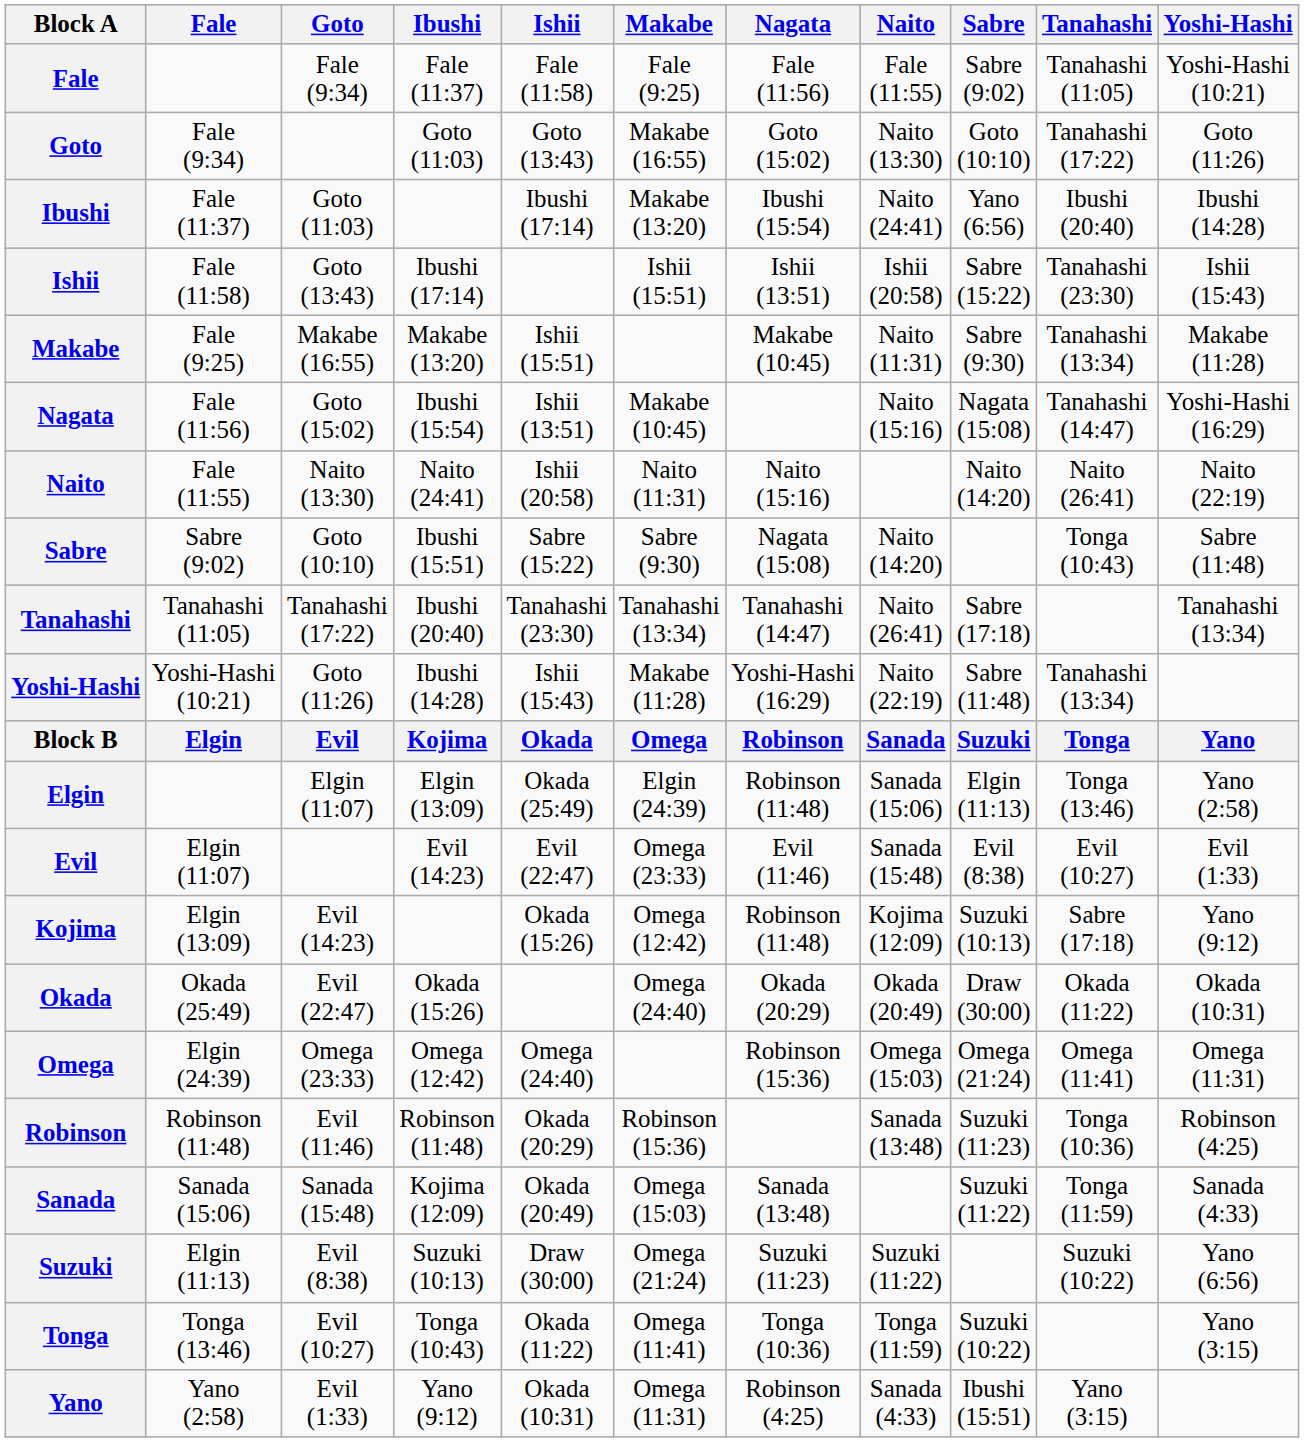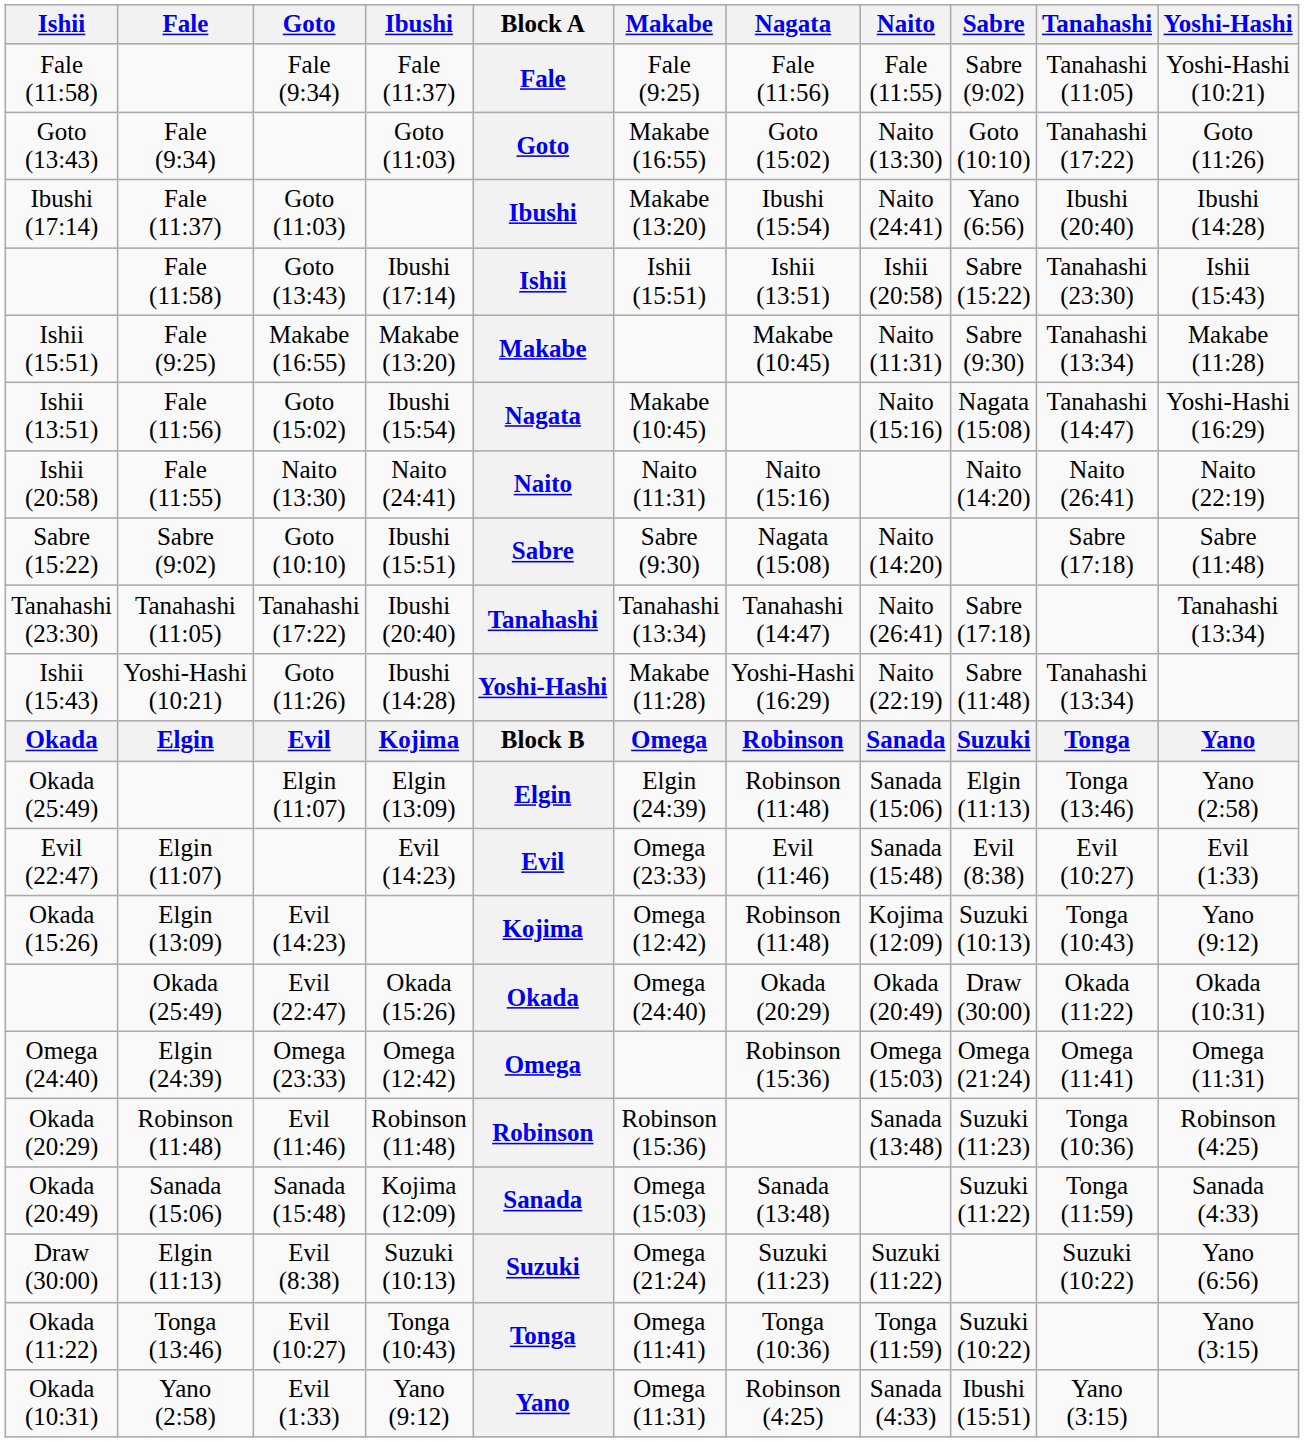 <table class="wikitable" align=center style="margin: 1em auto 1em auto">
 <tr align="center">
-<th>Block A</th>
+<th><a href='#'>Ishii</a></th>
 <th><a href='#'>Fale</a></th>
 <th><a href='#'>Goto</a></th>
 <th><a href='#'>Ibushi</a></th>
-<th><a href='#'>Ishii</a></th>
+<th>Block A</th>
 <th><a href='#'>Makabe</a></th>
 <th><a href='#'>Nagata</a></th>
 <th><a href='#'>Naito</a></th>
 <th><a href='#'>Sabre</a></th>
 <th><a href='#'>Tanahashi</a></th>
 <th><a href='#'>Yoshi-Hashi</a></th>
 </tr>
 <tr align="center">
-<th><a href='#'>Fale</a></th>
+<td>Fale<br>(11:58)</td>
 <td></td>
 <td>Fale<br>(9:34)</td>
 <td>Fale<br>(11:37)</td>
-<td>Fale<br>(11:58)</td>
+<th><a href='#'>Fale</a></th>
 <td>Fale<br>(9:25)</td>
 <td>Fale<br>(11:56)</td>
 <td>Fale<br>(11:55)</td>
 <td>Sabre<br>(9:02)</td>
 <td>Tanahashi<br>(11:05)</td>
 <td>Yoshi-Hashi<br>(10:21)</td>
 </tr>
 <tr align="center">
-<th><a href='#'>Goto</a></th>
+<td>Goto<br>(13:43)</td>
 <td>Fale<br>(9:34)</td>
 <td></td>
 <td>Goto<br>(11:03)</td>
-<td>Goto<br>(13:43)</td>
+<th><a href='#'>Goto</a></th>
 <td>Makabe<br>(16:55)</td>
 <td>Goto<br>(15:02)</td>
 <td>Naito<br>(13:30)</td>
 <td>Goto<br>(10:10)</td>
 <td>Tanahashi<br>(17:22)</td>
 <td>Goto<br>(11:26)</td>
 </tr>
 <tr align="center">
-<th><a href='#'>Ibushi</a></th>
+<td>Ibushi<br>(17:14)</td>
 <td>Fale<br>(11:37)</td>
 <td>Goto<br>(11:03)</td>
 <td></td>
-<td>Ibushi<br>(17:14)</td>
+<th><a href='#'>Ibushi</a></th>
 <td>Makabe<br>(13:20)</td>
 <td>Ibushi<br>(15:54)</td>
 <td>Naito<br>(24:41)</td>
 <td>Yano<br>(6:56)</td>
 <td>Ibushi<br>(20:40)</td>
 <td>Ibushi<br>(14:28)</td>
 </tr>
 <tr align="center">
-<th><a href='#'>Ishii</a></th>
+<td></td>
 <td>Fale<br>(11:58)</td>
 <td>Goto<br>(13:43)</td>
 <td>Ibushi<br>(17:14)</td>
-<td></td>
+<th><a href='#'>Ishii</a></th>
 <td>Ishii<br>(15:51)</td>
 <td>Ishii<br>(13:51)</td>
 <td>Ishii<br>(20:58)</td>
 <td>Sabre<br>(15:22)</td>
 <td>Tanahashi<br>(23:30)</td>
 <td>Ishii<br>(15:43)</td>
 </tr>
 <tr align="center">
-<th><a href='#'>Makabe</a></th>
+<td>Ishii<br>(15:51)</td>
 <td>Fale<br>(9:25)</td>
 <td>Makabe<br>(16:55)</td>
 <td>Makabe<br>(13:20)</td>
-<td>Ishii<br>(15:51)</td>
+<th><a href='#'>Makabe</a></th>
 <td></td>
 <td>Makabe<br>(10:45)</td>
 <td>Naito<br>(11:31)</td>
 <td>Sabre<br>(9:30)</td>
 <td>Tanahashi<br>(13:34)</td>
 <td>Makabe<br>(11:28)</td>
 </tr>
 <tr align="center">
-<th><a href='#'>Nagata</a></th>
+<td>Ishii<br>(13:51)</td>
 <td>Fale<br>(11:56)</td>
 <td>Goto<br>(15:02)</td>
 <td>Ibushi<br>(15:54)</td>
-<td>Ishii<br>(13:51)</td>
+<th><a href='#'>Nagata</a></th>
 <td>Makabe<br>(10:45)</td>
 <td></td>
 <td>Naito<br>(15:16)</td>
 <td>Nagata<br>(15:08)</td>
 <td>Tanahashi<br>(14:47)</td>
 <td>Yoshi-Hashi<br>(16:29)</td>
 </tr>
 <tr align="center">
-<th><a href='#'>Naito</a></th>
+<td>Ishii<br>(20:58)</td>
 <td>Fale<br>(11:55)</td>
 <td>Naito<br>(13:30)</td>
 <td>Naito<br>(24:41)</td>
-<td>Ishii<br>(20:58)</td>
+<th><a href='#'>Naito</a></th>
 <td>Naito<br>(11:31)</td>
 <td>Naito<br>(15:16)</td>
 <td></td>
 <td>Naito<br>(14:20)</td>
 <td>Naito<br>(26:41)</td>
 <td>Naito<br>(22:19)</td>
 </tr>
 <tr align="center">
-<th><a href='#'>Sabre</a></th>
+<td>Sabre<br>(15:22)</td>
 <td>Sabre<br>(9:02)</td>
 <td>Goto<br>(10:10)</td>
 <td>Ibushi<br>(15:51)</td>
-<td>Sabre<br>(15:22)</td>
+<th><a href='#'>Sabre</a></th>
 <td>Sabre<br>(9:30)</td>
 <td>Nagata<br>(15:08)</td>
 <td>Naito<br>(14:20)</td>
 <td></td>
-<td>Tonga<br>(10:43)</td>
+<td>Sabre<br>(17:18)</td>
 <td>Sabre<br>(11:48)</td>
 </tr>
 <tr align="center">
-<th><a href='#'>Tanahashi</a></th>
+<td>Tanahashi<br>(23:30)</td>
 <td>Tanahashi<br>(11:05)</td>
 <td>Tanahashi<br>(17:22)</td>
 <td>Ibushi<br>(20:40)</td>
-<td>Tanahashi<br>(23:30)</td>
+<th><a href='#'>Tanahashi</a></th>
 <td>Tanahashi<br>(13:34)</td>
 <td>Tanahashi<br>(14:47)</td>
 <td>Naito<br>(26:41)</td>
 <td>Sabre<br>(17:18)</td>
 <td></td>
 <td>Tanahashi<br>(13:34)</td>
 </tr>
 <tr align="center">
-<th><a href='#'>Yoshi-Hashi</a></th>
+<td>Ishii<br>(15:43)</td>
 <td>Yoshi-Hashi<br>(10:21)</td>
 <td>Goto<br>(11:26)</td>
 <td>Ibushi<br>(14:28)</td>
-<td>Ishii<br>(15:43)</td>
+<th><a href='#'>Yoshi-Hashi</a></th>
 <td>Makabe<br>(11:28)</td>
 <td>Yoshi-Hashi<br>(16:29)</td>
 <td>Naito<br>(22:19)</td>
 <td>Sabre<br>(11:48)</td>
 <td>Tanahashi<br>(13:34)</td>
 <td></td>
 </tr>
 <tr align="center">
-<th>Block B</th>
+<th><a href='#'>Okada</a></th>
 <th><a href='#'>Elgin</a></th>
 <th><a href='#'>Evil</a></th>
 <th><a href='#'>Kojima</a></th>
-<th><a href='#'>Okada</a></th>
+<th>Block B</th>
 <th><a href='#'>Omega</a></th>
 <th><a href='#'>Robinson</a></th>
 <th><a href='#'>Sanada</a></th>
 <th><a href='#'>Suzuki</a></th>
 <th><a href='#'>Tonga</a></th>
 <th><a href='#'>Yano</a></th>
 </tr>
 <tr align="center">
-<th><a href='#'>Elgin</a></th>
+<td>Okada<br>(25:49)</td>
 <td></td>
 <td>Elgin<br>(11:07)</td>
 <td>Elgin<br>(13:09)</td>
-<td>Okada<br>(25:49)</td>
+<th><a href='#'>Elgin</a></th>
 <td>Elgin<br>(24:39)</td>
 <td>Robinson<br>(11:48)</td>
 <td>Sanada<br>(15:06)</td>
 <td>Elgin<br>(11:13)</td>
 <td>Tonga<br>(13:46)</td>
 <td>Yano<br>(2:58)</td>
 </tr>
 <tr align="center">
-<th><a href='#'>Evil</a></th>
+<td>Evil<br>(22:47)</td>
 <td>Elgin<br>(11:07)</td>
 <td></td>
 <td>Evil<br>(14:23)</td>
-<td>Evil<br>(22:47)</td>
+<th><a href='#'>Evil</a></th>
 <td>Omega<br>(23:33)</td>
 <td>Evil<br>(11:46)</td>
 <td>Sanada<br>(15:48)</td>
 <td>Evil<br>(8:38)</td>
 <td>Evil<br>(10:27)</td>
 <td>Evil<br>(1:33)</td>
 </tr>
 <tr align="center">
-<th><a href='#'>Kojima</a></th>
+<td>Okada<br>(15:26)</td>
 <td>Elgin<br>(13:09)</td>
 <td>Evil<br>(14:23)</td>
 <td></td>
-<td>Okada<br>(15:26)</td>
+<th><a href='#'>Kojima</a></th>
 <td>Omega<br>(12:42)</td>
 <td>Robinson<br>(11:48)</td>
 <td>Kojima<br>(12:09)</td>
 <td>Suzuki<br>(10:13)</td>
-<td>Sabre<br>(17:18)</td>
+<td>Tonga<br>(10:43)</td>
 <td>Yano<br>(9:12)</td>
 </tr>
 <tr align="center">
-<th><a href='#'>Okada</a></th>
+<td></td>
 <td>Okada<br>(25:49)</td>
 <td>Evil<br>(22:47)</td>
 <td>Okada<br>(15:26)</td>
-<td></td>
+<th><a href='#'>Okada</a></th>
 <td>Omega<br>(24:40)</td>
 <td>Okada<br>(20:29)</td>
 <td>Okada<br>(20:49)</td>
 <td>Draw<br>(30:00)</td>
 <td>Okada<br>(11:22)</td>
 <td>Okada<br>(10:31)</td>
 </tr>
 <tr align="center">
-<th><a href='#'>Omega</a></th>
+<td>Omega<br>(24:40)</td>
 <td>Elgin<br>(24:39)</td>
 <td>Omega<br>(23:33)</td>
 <td>Omega<br>(12:42)</td>
-<td>Omega<br>(24:40)</td>
+<th><a href='#'>Omega</a></th>
 <td></td>
 <td>Robinson<br>(15:36)</td>
 <td>Omega<br>(15:03)</td>
 <td>Omega<br>(21:24)</td>
 <td>Omega<br>(11:41)</td>
 <td>Omega<br>(11:31)</td>
 </tr>
 <tr align="center">
-<th><a href='#'>Robinson</a></th>
+<td>Okada<br>(20:29)</td>
 <td>Robinson<br>(11:48)</td>
 <td>Evil<br>(11:46)</td>
 <td>Robinson<br>(11:48)</td>
-<td>Okada<br>(20:29)</td>
+<th><a href='#'>Robinson</a></th>
 <td>Robinson<br>(15:36)</td>
 <td></td>
 <td>Sanada<br>(13:48)</td>
 <td>Suzuki<br>(11:23)</td>
 <td>Tonga<br>(10:36)</td>
 <td>Robinson<br>(4:25)</td>
 </tr>
 <tr align="center">
-<th><a href='#'>Sanada</a></th>
+<td>Okada<br>(20:49)</td>
 <td>Sanada<br>(15:06)</td>
 <td>Sanada<br>(15:48)</td>
 <td>Kojima<br>(12:09)</td>
-<td>Okada<br>(20:49)</td>
+<th><a href='#'>Sanada</a></th>
 <td>Omega<br>(15:03)</td>
 <td>Sanada<br>(13:48)</td>
 <td></td>
 <td>Suzuki<br>(11:22)</td>
 <td>Tonga<br>(11:59)</td>
 <td>Sanada<br>(4:33)</td>
 </tr>
 <tr align="center">
-<th><a href='#'>Suzuki</a></th>
+<td>Draw<br>(30:00)</td>
 <td>Elgin<br>(11:13)</td>
 <td>Evil<br>(8:38)</td>
 <td>Suzuki<br>(10:13)</td>
-<td>Draw<br>(30:00)</td>
+<th><a href='#'>Suzuki</a></th>
 <td>Omega<br>(21:24)</td>
 <td>Suzuki<br>(11:23)</td>
 <td>Suzuki<br>(11:22)</td>
 <td></td>
 <td>Suzuki<br>(10:22)</td>
 <td>Yano<br>(6:56)</td>
 </tr>
 <tr align="center">
-<th><a href='#'>Tonga</a></th>
+<td>Okada<br>(11:22)</td>
 <td>Tonga<br>(13:46)</td>
 <td>Evil<br>(10:27)</td>
 <td>Tonga<br>(10:43)</td>
-<td>Okada<br>(11:22)</td>
+<th><a href='#'>Tonga</a></th>
 <td>Omega<br>(11:41)</td>
 <td>Tonga<br>(10:36)</td>
 <td>Tonga<br>(11:59)</td>
 <td>Suzuki<br>(10:22)</td>
 <td></td>
 <td>Yano<br>(3:15)</td>
 </tr>
 <tr align="center">
-<th><a href='#'>Yano</a></th>
+<td>Okada<br>(10:31)</td>
 <td>Yano<br>(2:58)</td>
 <td>Evil<br>(1:33)</td>
 <td>Yano<br>(9:12)</td>
-<td>Okada<br>(10:31)</td>
+<th><a href='#'>Yano</a></th>
 <td>Omega<br>(11:31)</td>
 <td>Robinson<br>(4:25)</td>
 <td>Sanada<br>(4:33)</td>
 <td>Ibushi<br>(15:51)</td>
 <td>Yano<br>(3:15)</td>
 <td></td>
 </tr>
 </table>
